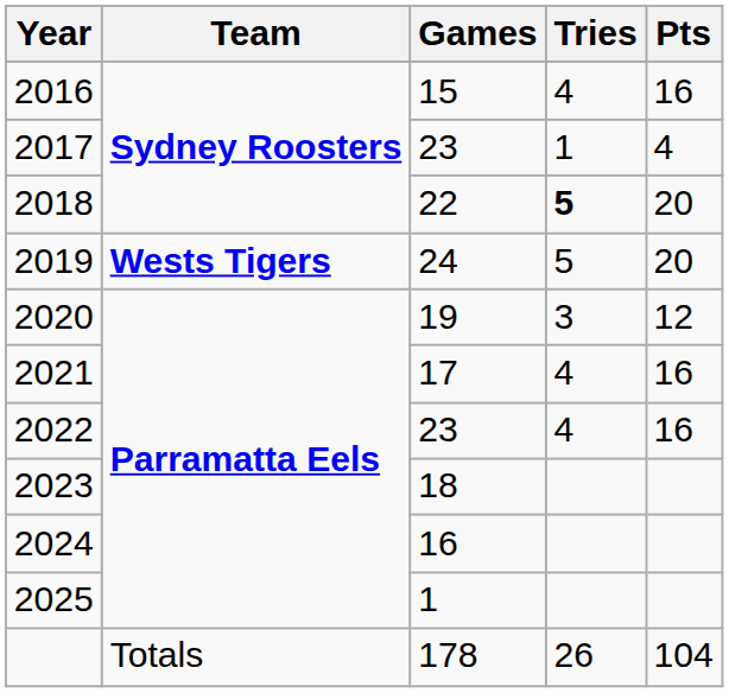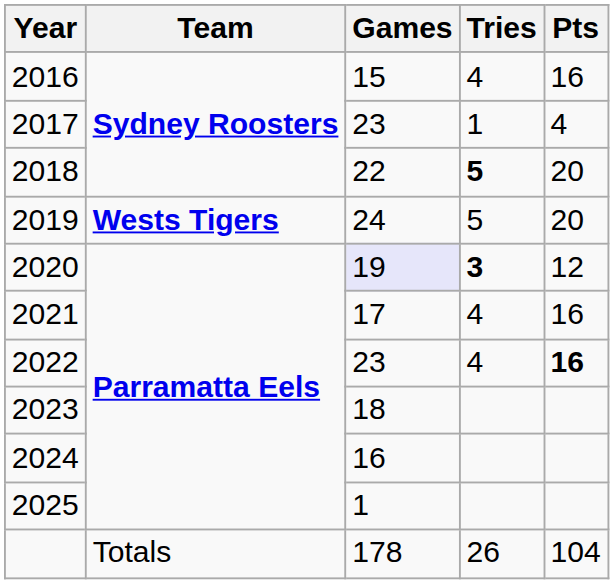 <table class="wikitable">
 <tr>
 <th>Year</th>
 <th>Team</th>
 <th>Games</th>
 <th>Tries</th>
 <th>Pts</th>
 </tr>
 <tr>
 <td>2016</td>
 <td rowspan="3"> <strong><a href='#'>Sydney Roosters</a></strong></td>
 <td>15</td>
 <td>4</td>
 <td>16</td>
 </tr>
 <tr>
 <td>2017</td>
 <td>23</td>
 <td>1</td>
 <td>4</td>
 </tr>
 <tr>
 <td>2018</td>
 <td>22</td>
 <td><strong>5</strong></td>
 <td>20</td>
 </tr>
 <tr>
 <td>2019</td>
 <td> <strong><a href='#'>Wests Tigers</a></strong></td>
 <td>24</td>
 <td>5</td>
 <td>20</td>
 </tr>
 <tr>
 <td>2020</td>
 <td rowspan="6"> <strong><a href='#'>Parramatta Eels</a></strong></td>
-<td>19</td>
-<td>3</td>
+<td style="background: lavender;">19</td>
+<td><strong>3</strong></td>
 <td>12</td>
 </tr>
 <tr>
 <td>2021</td>
 <td>17</td>
 <td>4</td>
 <td>16</td>
 </tr>
 <tr>
 <td>2022</td>
 <td>23</td>
 <td>4</td>
-<td>16</td>
+<td><strong>16</strong></td>
 </tr>
 <tr>
 <td>2023</td>
 <td>18</td>
 <td></td>
 <td></td>
 </tr>
 <tr>
 <td>2024</td>
 <td>16</td>
 <td></td>
 <td></td>
 </tr>
 <tr>
 <td>2025</td>
 <td>1</td>
 <td></td>
 <td></td>
 </tr>
 <tr>
 <td></td>
 <td>Totals</td>
 <td>178</td>
 <td>26</td>
 <td>104</td>
 </tr>
 </table>
